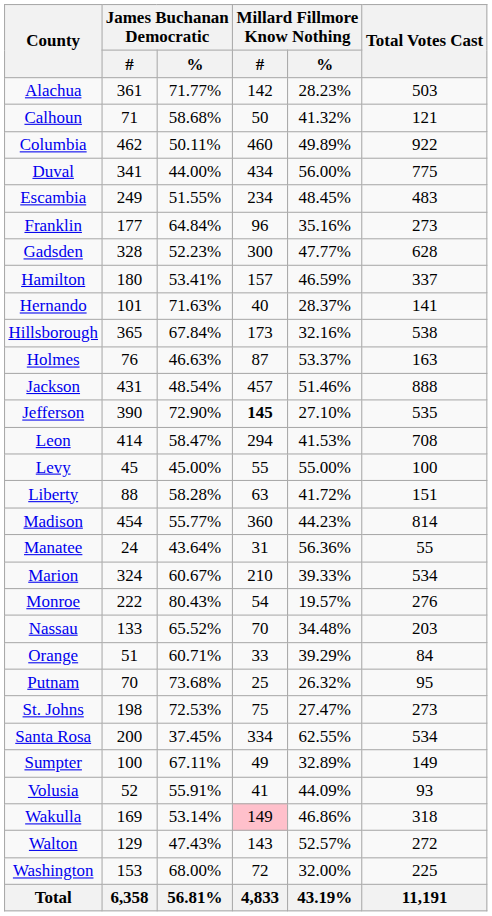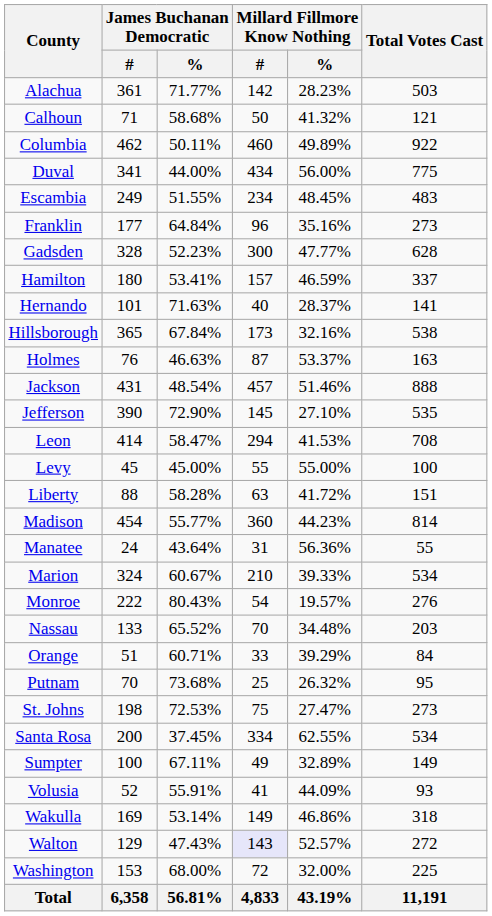 <table class="wikitable sortable">
 <tr>
 <th rowspan="2">County</th>
 <th colspan="2">James Buchanan<br>Democratic</th>
 <th colspan="2">Millard Fillmore<br>Know Nothing</th>
 <th rowspan="2">Total Votes Cast</th>
 </tr>
 <tr style="text-align:center;">
 <th>#</th>
 <th>%</th>
 <th>#</th>
 <th>%</th>
 </tr>
 <tr style="text-align:center;">
 <td><a href='#'>Alachua</a></td>
 <td>361</td>
 <td>71.77%</td>
 <td>142</td>
 <td>28.23%</td>
 <td>503</td>
 </tr>
 <tr style="text-align:center;">
 <td><a href='#'>Calhoun</a></td>
 <td>71</td>
 <td>58.68%</td>
 <td>50</td>
 <td>41.32%</td>
 <td>121</td>
 </tr>
 <tr style="text-align:center;">
 <td><a href='#'>Columbia</a></td>
 <td>462</td>
 <td>50.11%</td>
 <td>460</td>
 <td>49.89%</td>
 <td>922</td>
 </tr>
 <tr style="text-align:center;">
 <td><a href='#'>Duval</a></td>
 <td>341</td>
 <td>44.00%</td>
 <td>434</td>
 <td>56.00%</td>
 <td>775</td>
 </tr>
 <tr style="text-align:center;">
 <td><a href='#'>Escambia</a></td>
 <td>249</td>
 <td>51.55%</td>
 <td>234</td>
 <td>48.45%</td>
 <td>483</td>
 </tr>
 <tr style="text-align:center;">
 <td><a href='#'>Franklin</a></td>
 <td>177</td>
 <td>64.84%</td>
 <td>96</td>
 <td>35.16%</td>
 <td>273</td>
 </tr>
 <tr style="text-align:center;">
 <td><a href='#'>Gadsden</a></td>
 <td>328</td>
 <td>52.23%</td>
 <td>300</td>
 <td>47.77%</td>
 <td>628</td>
 </tr>
 <tr style="text-align:center;">
 <td><a href='#'>Hamilton</a></td>
 <td>180</td>
 <td>53.41%</td>
 <td>157</td>
 <td>46.59%</td>
 <td>337</td>
 </tr>
 <tr style="text-align:center;">
 <td><a href='#'>Hernando</a></td>
 <td>101</td>
 <td>71.63%</td>
 <td>40</td>
 <td>28.37%</td>
 <td>141</td>
 </tr>
 <tr style="text-align:center;">
 <td><a href='#'>Hillsborough</a></td>
 <td>365</td>
 <td>67.84%</td>
 <td>173</td>
 <td>32.16%</td>
 <td>538</td>
 </tr>
 <tr style="text-align:center;">
 <td><a href='#'>Holmes</a></td>
 <td>76</td>
 <td>46.63%</td>
 <td>87</td>
 <td>53.37%</td>
 <td>163</td>
 </tr>
 <tr style="text-align:center;">
 <td><a href='#'>Jackson</a></td>
 <td>431</td>
 <td>48.54%</td>
 <td>457</td>
 <td>51.46%</td>
 <td>888</td>
 </tr>
 <tr style="text-align:center;">
 <td><a href='#'>Jefferson</a></td>
 <td>390</td>
 <td>72.90%</td>
-<td><strong>145</strong></td>
+<td>145</td>
 <td>27.10%</td>
 <td>535</td>
 </tr>
 <tr style="text-align:center;">
 <td><a href='#'>Leon</a></td>
 <td>414</td>
 <td>58.47%</td>
 <td>294</td>
 <td>41.53%</td>
 <td>708</td>
 </tr>
 <tr style="text-align:center;">
 <td><a href='#'>Levy</a></td>
 <td>45</td>
 <td>45.00%</td>
 <td>55</td>
 <td>55.00%</td>
 <td>100</td>
 </tr>
 <tr style="text-align:center;">
 <td><a href='#'>Liberty</a></td>
 <td>88</td>
 <td>58.28%</td>
 <td>63</td>
 <td>41.72%</td>
 <td>151</td>
 </tr>
 <tr style="text-align:center;">
 <td><a href='#'>Madison</a></td>
 <td>454</td>
 <td>55.77%</td>
 <td>360</td>
 <td>44.23%</td>
 <td>814</td>
 </tr>
 <tr style="text-align:center;">
 <td><a href='#'>Manatee</a></td>
 <td>24</td>
 <td>43.64%</td>
 <td>31</td>
 <td>56.36%</td>
 <td>55</td>
 </tr>
 <tr style="text-align:center;">
 <td><a href='#'>Marion</a></td>
 <td>324</td>
 <td>60.67%</td>
 <td>210</td>
 <td>39.33%</td>
 <td>534</td>
 </tr>
 <tr style="text-align:center;">
 <td><a href='#'>Monroe</a></td>
 <td>222</td>
 <td>80.43%</td>
 <td>54</td>
 <td>19.57%</td>
 <td>276</td>
 </tr>
 <tr style="text-align:center;">
 <td><a href='#'>Nassau</a></td>
 <td>133</td>
 <td>65.52%</td>
 <td>70</td>
 <td>34.48%</td>
 <td>203</td>
 </tr>
 <tr style="text-align:center;">
 <td><a href='#'>Orange</a></td>
 <td>51</td>
 <td>60.71%</td>
 <td>33</td>
 <td>39.29%</td>
 <td>84</td>
 </tr>
 <tr style="text-align:center;">
 <td><a href='#'>Putnam</a></td>
 <td>70</td>
 <td>73.68%</td>
 <td>25</td>
 <td>26.32%</td>
 <td>95</td>
 </tr>
 <tr style="text-align:center;">
 <td><a href='#'>St. Johns</a></td>
 <td>198</td>
 <td>72.53%</td>
 <td>75</td>
 <td>27.47%</td>
 <td>273</td>
 </tr>
 <tr style="text-align:center;">
 <td><a href='#'>Santa Rosa</a></td>
 <td>200</td>
 <td>37.45%</td>
 <td>334</td>
 <td>62.55%</td>
 <td>534</td>
 </tr>
 <tr style="text-align:center;">
 <td><a href='#'>Sumpter</a></td>
 <td>100</td>
 <td>67.11%</td>
 <td>49</td>
 <td>32.89%</td>
 <td>149</td>
 </tr>
 <tr style="text-align:center;">
 <td><a href='#'>Volusia</a></td>
 <td>52</td>
 <td>55.91%</td>
 <td>41</td>
 <td>44.09%</td>
 <td>93</td>
 </tr>
 <tr style="text-align:center;">
 <td><a href='#'>Wakulla</a></td>
 <td>169</td>
 <td>53.14%</td>
-<td style="background: pink;">149</td>
+<td>149</td>
 <td>46.86%</td>
 <td>318</td>
 </tr>
 <tr style="text-align:center;">
 <td><a href='#'>Walton</a></td>
 <td>129</td>
 <td>47.43%</td>
-<td>143</td>
+<td style="background: lavender;">143</td>
 <td>52.57%</td>
 <td>272</td>
 </tr>
 <tr style="text-align:center;">
 <td><a href='#'>Washington</a></td>
 <td>153</td>
 <td>68.00%</td>
 <td>72</td>
 <td>32.00%</td>
 <td>225</td>
 </tr>
 <tr style="text-align:center;">
 <th>Total</th>
 <th>6,358</th>
 <th>56.81%</th>
 <th>4,833</th>
 <th>43.19%</th>
 <th>11,191</th>
 </tr>
 </table>
